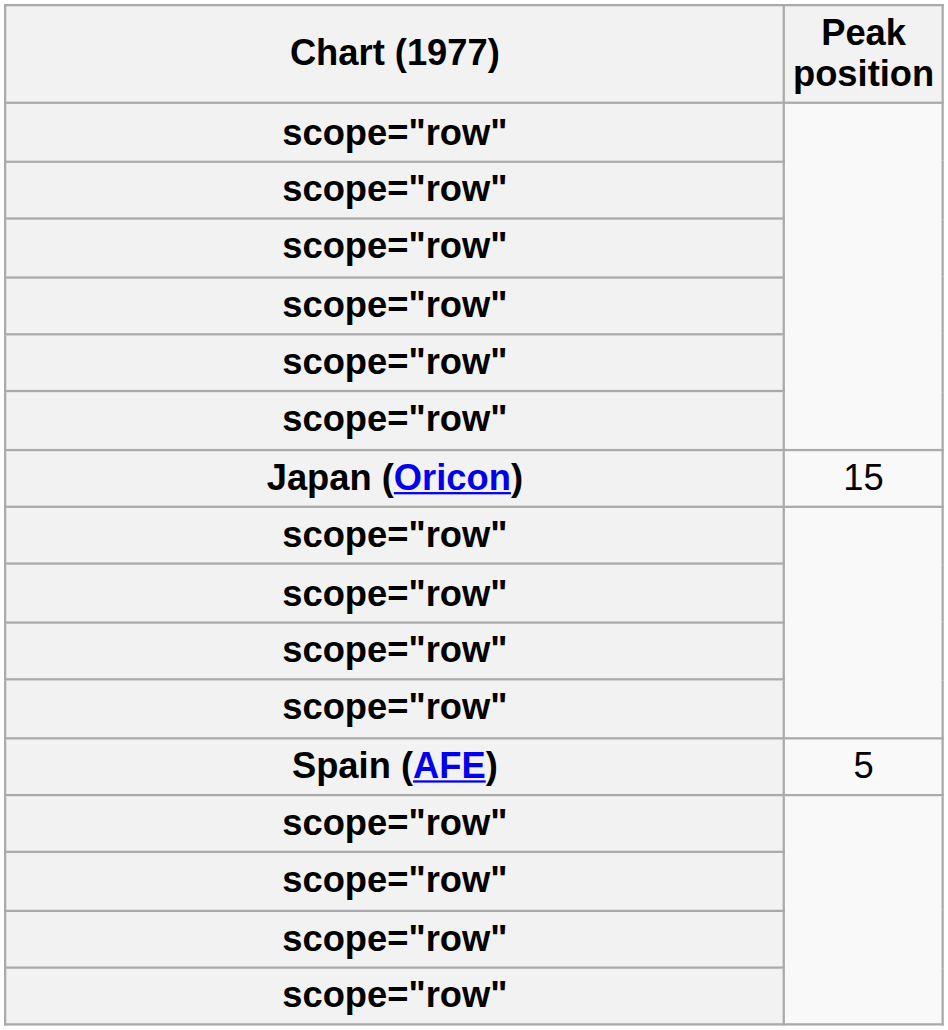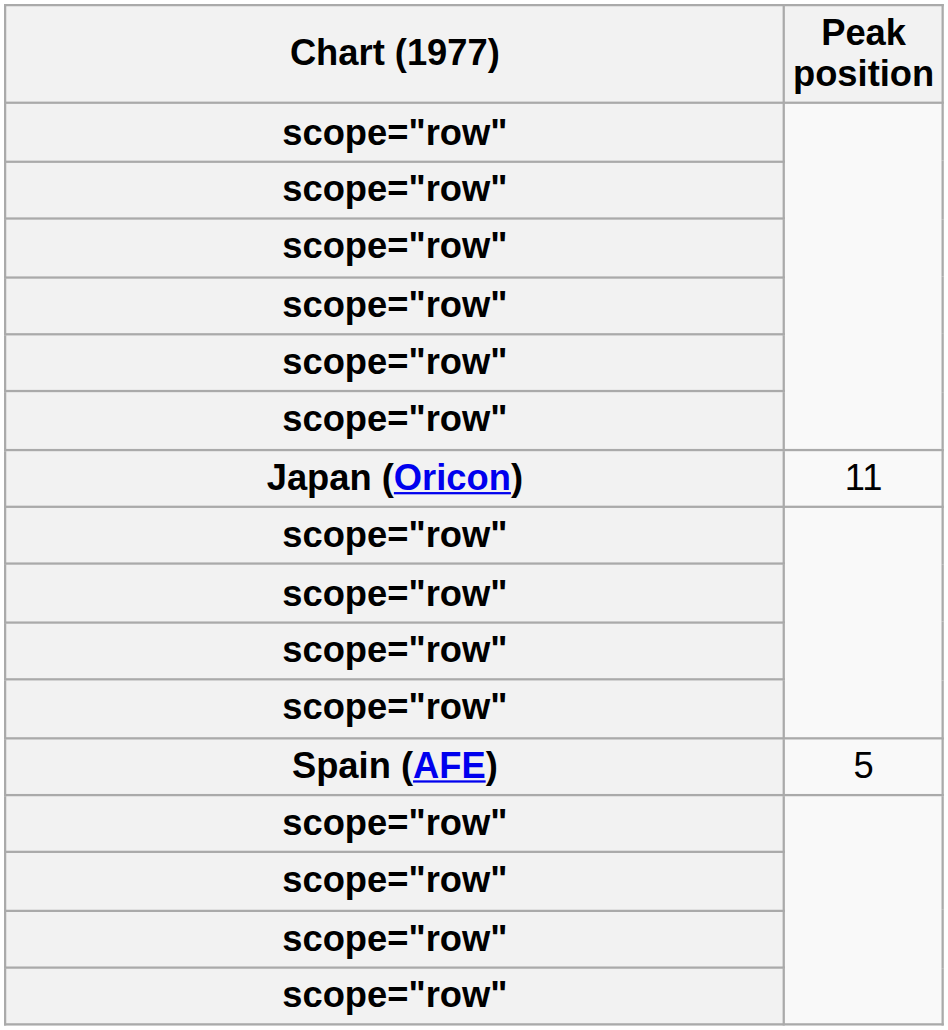 <table class="wikitable plainrowheaders sortable" style="text-align:center">
 <tr>
 <th scope="col" style="width:21em;">Chart (1977)</th>
 <th scope="col">Peak<br>position</th>
 </tr>
 <tr>
 <th>scope="row" </th>
 </tr>
 <tr>
 <th>scope="row" </th>
 </tr>
 <tr>
 <th>scope="row" </th>
 </tr>
 <tr>
 <th>scope="row" </th>
 </tr>
 <tr>
 <th>scope="row" </th>
 </tr>
 <tr>
 <th>scope="row" </th>
 </tr>
 <tr>
 <th scope="row">Japan (<a href='#'>Oricon</a>)</th>
-<td>15</td>
+<td>11</td>
 </tr>
 <tr>
 <th>scope="row" </th>
 </tr>
 <tr>
 <th>scope="row" </th>
 </tr>
 <tr>
 <th>scope="row" </th>
 </tr>
 <tr>
 <th>scope="row" </th>
 </tr>
 <tr>
 <th scope="row">Spain (<a href='#'>AFE</a>)</th>
 <td>5</td>
 </tr>
 <tr>
 <th>scope="row" </th>
 </tr>
 <tr>
 <th>scope="row" </th>
 </tr>
 <tr>
 <th>scope="row" </th>
 </tr>
 <tr>
 <th>scope="row" </th>
 </tr>
 </table>
